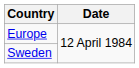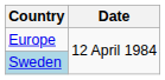 <table class="wikitable">
 <tr>
 <th>Country</th>
 <th>Date</th>
 </tr>
 <tr>
 <td><a href='#'>Europe</a></td>
 <td rowspan="2">12 April 1984</td>
 </tr>
 <tr>
-<td><a href='#'>Sweden</a></td>
+<td style="background: lightblue;"><a href='#'>Sweden</a></td>
 </tr>
 </table>
